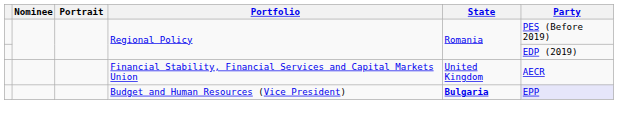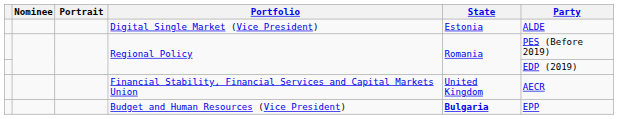 <table class="wikitable sortable" style="border:#555;">
 <tr>
 <th class="unsortable" style="width:5px;"></th>
 <th>Nominee</th>
 <th class="unsortable" style="width:70px;">Portrait</th>
 <th><a href='#'>Portfolio</a></th>
 <th><a href='#'>State</a></th>
 <th><a href='#'>Party</a></th>
+</tr>
+<tr>
+<td style="background-color: "></td>
+<td></td>
+<td></td>
+<td><a href='#'>Digital Single Market</a> (<a href='#'>Vice President</a>)</td>
+<td> <a href='#'>Estonia</a></td>
+<td><a href='#'>ALDE</a><br></td>
 </tr>
 <tr>
 <td style="background-color: "></td>
 <td rowspan="2"></td>
 <td rowspan="2"></td>
 <td rowspan="2"><a href='#'>Regional Policy</a></td>
 <td rowspan="2"> <a href='#'>Romania</a></td>
 <td><a href='#'>PES</a> (Before 2019)<br></td>
 </tr>
 <tr>
 <td style="background-color: "></td>
 <td><a href='#'>EDP</a> (2019)<br></td>
 </tr>
 <tr>
 <td style="background-color: "></td>
 <td></td>
 <td></td>
 <td><a href='#'>Financial Stability, Financial Services and Capital Markets Union</a></td>
 <td> <a href='#'>United Kingdom</a></td>
 <td><a href='#'>AECR</a><br></td>
 </tr>
 <tr>
 <td style="background-color: "></td>
 <td></td>
 <td></td>
 <td><a href='#'>Budget and Human Resources</a> (<a href='#'>Vice President</a>)</td>
 <td><strong> <a href='#'>Bulgaria</a></strong></td>
-<td style="background: lavender;"><a href='#'>EPP</a><br></td>
+<td><a href='#'>EPP</a><br></td>
 </tr>
 </table>
